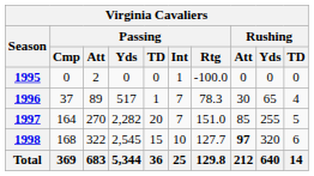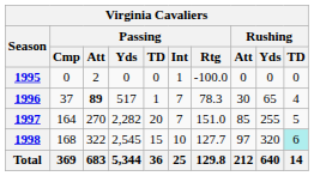 <table class="wikitable" style="text-align:center;">
 <tr>
 <th colspan="15">Virginia Cavaliers</th>
 </tr>
 <tr>
 <th rowspan="2">Season</th>
 <th colspan="6">Passing</th>
 <th colspan="3">Rushing</th>
 </tr>
 <tr>
 <th>Cmp</th>
 <th>Att</th>
 <th>Yds</th>
 <th>TD</th>
 <th>Int</th>
 <th>Rtg</th>
 <th>Att</th>
 <th>Yds</th>
 <th>TD</th>
 </tr>
 <tr>
 <th><a href='#'>1995</a></th>
 <td>0</td>
 <td>2</td>
 <td>0</td>
 <td>0</td>
 <td>1</td>
 <td>-100.0</td>
 <td>0</td>
 <td>0</td>
 <td>0</td>
 </tr>
 <tr>
 <th><a href='#'>1996</a></th>
 <td>37</td>
-<td>89</td>
+<td><strong>89</strong></td>
 <td>517</td>
 <td>1</td>
 <td>7</td>
 <td>78.3</td>
 <td>30</td>
 <td>65</td>
 <td>4</td>
 </tr>
 <tr>
 <th><a href='#'>1997</a></th>
 <td>164</td>
 <td>270</td>
 <td>2,282</td>
 <td>20</td>
 <td>7</td>
 <td>151.0</td>
 <td>85</td>
 <td>255</td>
 <td>5</td>
 </tr>
 <tr>
 <th><a href='#'>1998</a></th>
 <td>168</td>
 <td>322</td>
 <td>2,545</td>
 <td>15</td>
 <td>10</td>
 <td>127.7</td>
-<td><strong>97</strong></td>
+<td>97</td>
 <td>320</td>
-<td>6</td>
+<td style="background: paleturquoise;">6</td>
 </tr>
 <tr>
 <th>Total</th>
 <th>369</th>
 <th>683</th>
 <th>5,344</th>
 <th>36</th>
 <th>25</th>
 <th>129.8</th>
 <th>212</th>
 <th>640</th>
 <th>14</th>
 </tr>
 </table>
